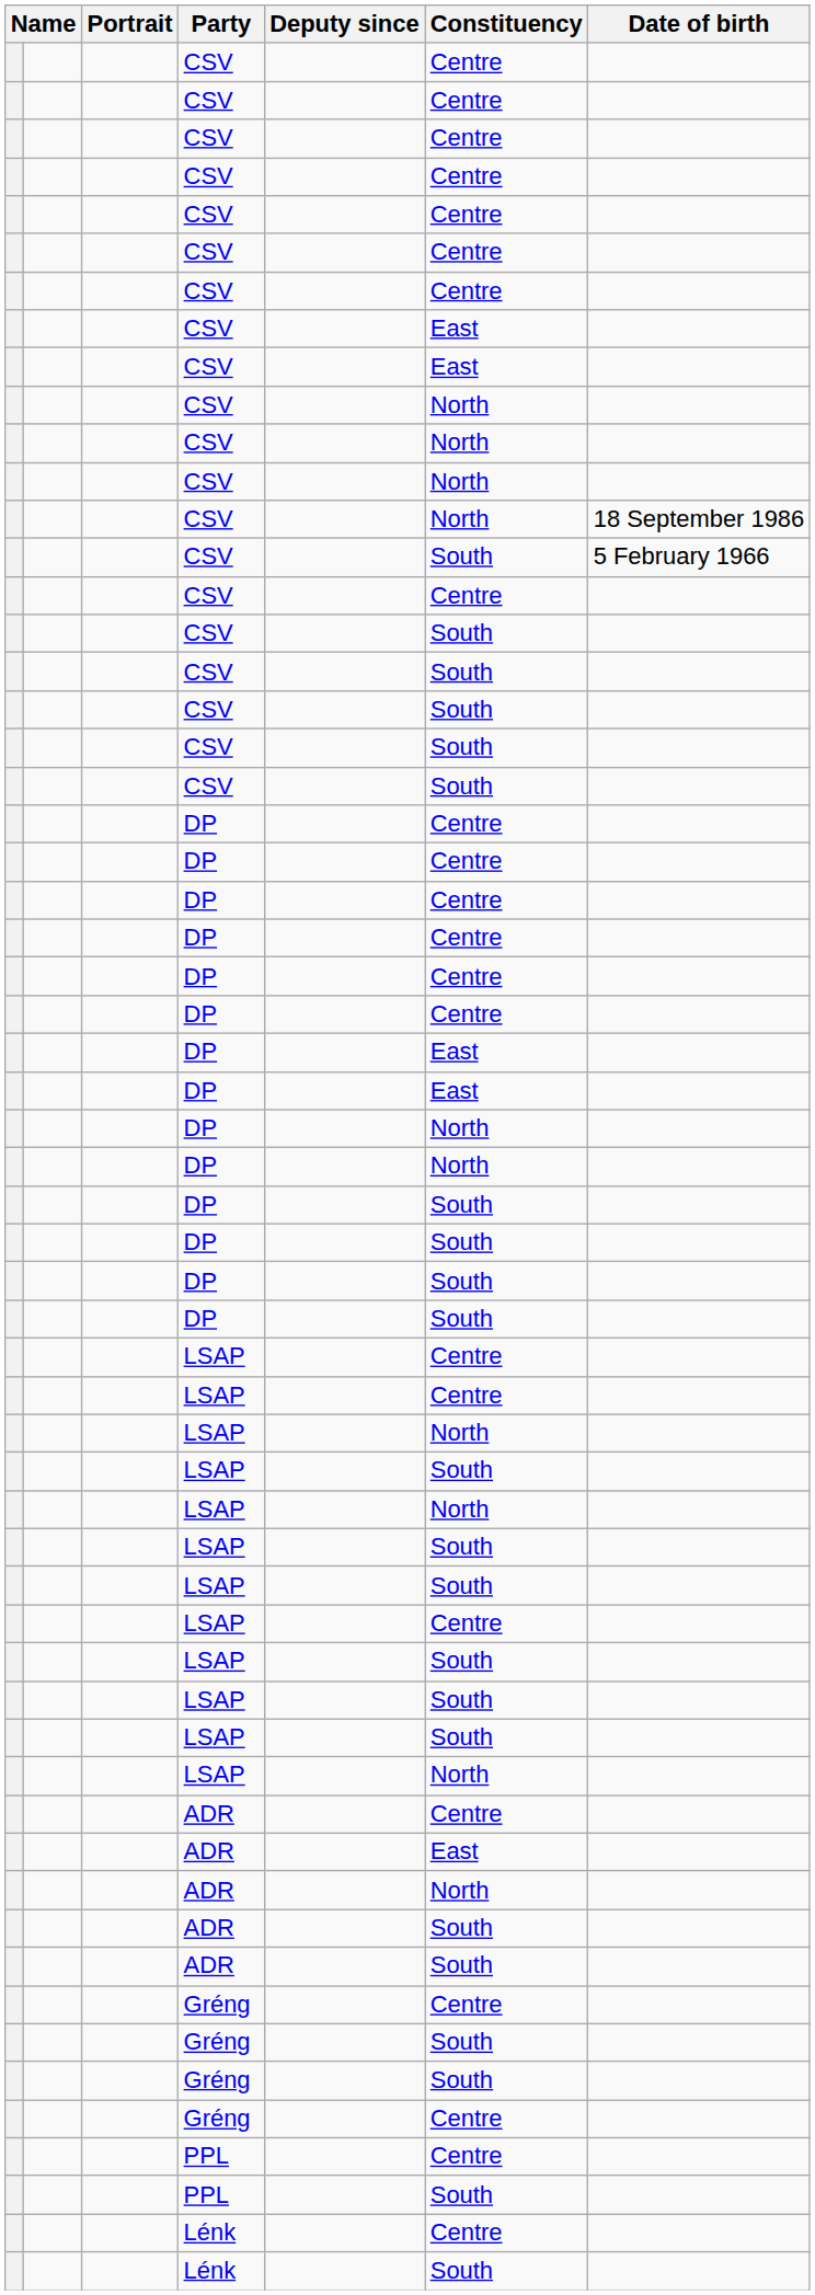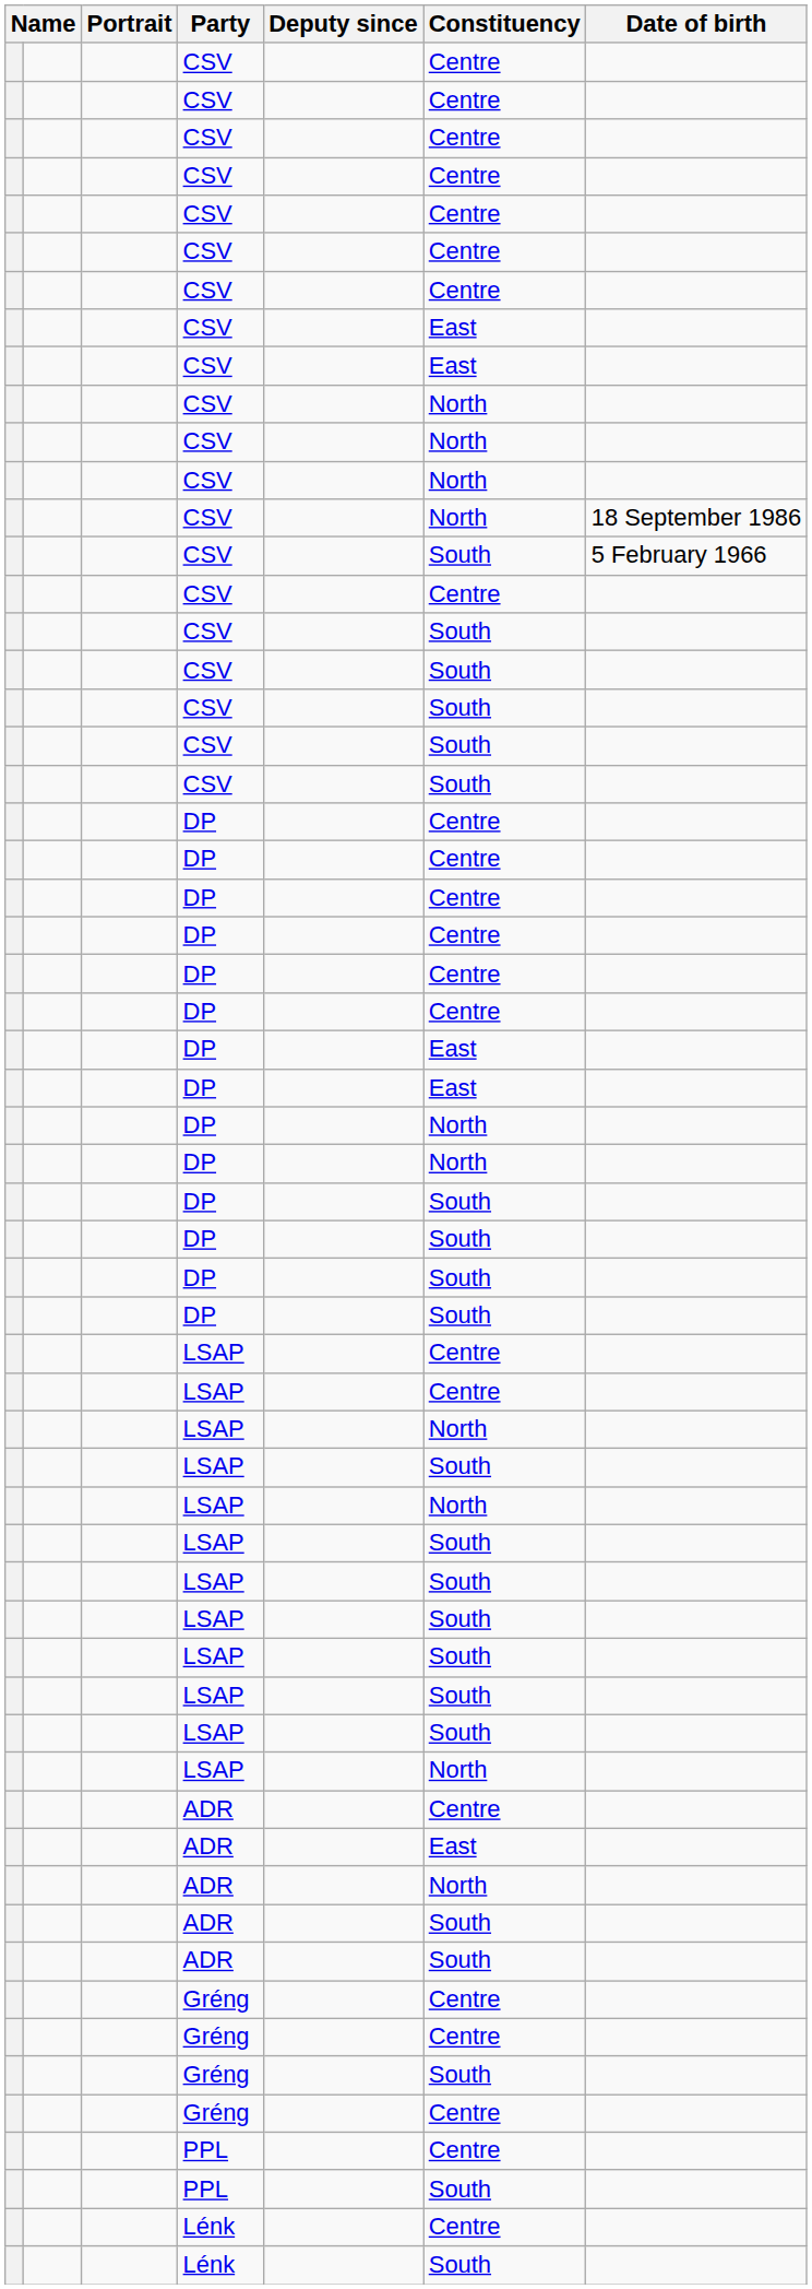 <table class="wikitable sortable">
 <tr>
 <th colspan=2 class="sortable">Name</th>
 <th scope=col class="unsortable">Portrait</th>
 <th width=50px>Party</th>
 <th>Deputy since</th>
 <th>Constituency</th>
 <th>Date of birth</th>
 </tr>
 <tr>
 <th width=5px style="background-color: "></th>
 <td valign=center></td>
 <td valign=center></td>
 <td valign=center><a href='#'>CSV</a></td>
 <td valign=center></td>
 <td valign=center><a href='#'>Centre</a></td>
 <td valign=center></td>
 </tr>
 <tr>
 <th width=5px style="background-color: "></th>
 <td valign=center></td>
 <td valign=center></td>
 <td valign=center><a href='#'>CSV</a></td>
 <td valign=center></td>
 <td valign=center><a href='#'>Centre</a></td>
 <td valign=center></td>
 </tr>
 <tr>
 <th width=5px style="background-color: "></th>
 <td valign=center></td>
 <td valign=center></td>
 <td valign=center><a href='#'>CSV</a></td>
 <td valign=center></td>
 <td valign=center><a href='#'>Centre</a></td>
 <td valign=center></td>
 </tr>
 <tr>
 <th width=5px style="background-color: "></th>
 <td valign=center></td>
 <td valign=center></td>
 <td valign=center><a href='#'>CSV</a></td>
 <td valign=center></td>
 <td valign=center><a href='#'>Centre</a></td>
 <td valign=center></td>
 </tr>
 <tr>
 <th width=5px style="background-color: "></th>
 <td valign=center></td>
 <td valign=center></td>
 <td valign=center><a href='#'>CSV</a></td>
 <td valign=center></td>
 <td valign=center><a href='#'>Centre</a></td>
 <td valign=center></td>
 </tr>
 <tr>
 <th width=5px style="background-color: "></th>
 <td valign=center></td>
 <td valign=center></td>
 <td valign=center><a href='#'>CSV</a></td>
 <td valign=center></td>
 <td valign=center><a href='#'>Centre</a></td>
 <td valign=center></td>
 </tr>
 <tr>
 <th width=5px style="background-color: "></th>
 <td valign=center></td>
 <td valign=center></td>
 <td valign=center><a href='#'>CSV</a></td>
 <td valign=center></td>
 <td valign=center><a href='#'>Centre</a></td>
 <td valign=center></td>
 </tr>
 <tr>
 <th width=5px style="background-color: "></th>
 <td valign=center></td>
 <td valign=center></td>
 <td valign=center><a href='#'>CSV</a></td>
 <td valign=center></td>
 <td valign=center><a href='#'>East</a></td>
 <td valign=center></td>
 </tr>
 <tr>
 <th width=5px style="background-color: "></th>
 <td valign=center></td>
 <td valign=center></td>
 <td valign=center><a href='#'>CSV</a></td>
 <td valign=center></td>
 <td valign=center><a href='#'>East</a></td>
 <td valign=center></td>
 </tr>
 <tr>
 <th width=5px style="background-color: "></th>
 <td valign=center></td>
 <td valign=center></td>
 <td valign=center><a href='#'>CSV</a></td>
 <td valign=center></td>
 <td valign=center><a href='#'>North</a></td>
 <td valign=center></td>
 </tr>
 <tr>
 <th width=5px style="background-color: "></th>
 <td valign=center></td>
 <td valign=center></td>
 <td valign=center><a href='#'>CSV</a></td>
 <td valign=center></td>
 <td valign=center><a href='#'>North</a></td>
 <td valign=center></td>
 </tr>
 <tr>
 <th width=5px style="background-color: "></th>
 <td valign=center></td>
 <td valign=center></td>
 <td valign=center><a href='#'>CSV</a></td>
 <td valign=center></td>
 <td valign=center><a href='#'>North</a></td>
 <td valign=center></td>
 </tr>
 <tr>
 <th width=5px style="background-color: "></th>
 <td valign=center></td>
 <td valign=center></td>
 <td valign=center><a href='#'>CSV</a></td>
 <td valign=center></td>
 <td valign=center><a href='#'>North</a></td>
 <td valign=center>18 September 1986</td>
 </tr>
 <tr>
 <th width=5px style="background-color: "></th>
 <td valign=center></td>
 <td valign=center></td>
 <td valign=center><a href='#'>CSV</a></td>
 <td valign=center></td>
 <td valign=center><a href='#'>South</a></td>
 <td valign=center>5 February 1966</td>
 </tr>
 <tr>
 <th width=5px style="background-color: "></th>
 <td valign=center></td>
 <td valign=center></td>
 <td valign=center><a href='#'>CSV</a></td>
 <td valign=center></td>
 <td valign=center><a href='#'>Centre</a></td>
 <td valign=center></td>
 </tr>
 <tr>
 <th width=5px style="background-color: "></th>
 <td valign=center></td>
 <td valign=center></td>
 <td valign=center><a href='#'>CSV</a></td>
 <td valign=center></td>
 <td valign=center><a href='#'>South</a></td>
 <td valign=center></td>
 </tr>
 <tr>
 <th width=5px style="background-color: "></th>
 <td valign=center></td>
 <td valign=center></td>
 <td valign=center><a href='#'>CSV</a></td>
 <td valign=center></td>
 <td valign=center><a href='#'>South</a></td>
 <td valign=center></td>
 </tr>
 <tr>
 <th width=5px style="background-color: "></th>
 <td valign=center></td>
 <td valign=center></td>
 <td valign=center><a href='#'>CSV</a></td>
 <td valign=center></td>
 <td valign=center><a href='#'>South</a></td>
 <td valign=center></td>
 </tr>
 <tr>
 <th width=5px style="background-color: "></th>
 <td valign=center></td>
 <td valign=center></td>
 <td valign=center><a href='#'>CSV</a></td>
 <td valign=center></td>
 <td valign=center><a href='#'>South</a></td>
 <td valign=center></td>
 </tr>
 <tr>
 <th width=5px style="background-color: "></th>
 <td valign=center></td>
 <td valign=center></td>
 <td valign=center><a href='#'>CSV</a></td>
 <td valign=center></td>
 <td valign=center><a href='#'>South</a></td>
 <td valign=center></td>
 </tr>
 <tr>
 <th width=5px style="background-color: "></th>
 <td valign=center></td>
 <td valign=center></td>
 <td valign=center><a href='#'>DP</a></td>
 <td valign=center></td>
 <td valign=center><a href='#'>Centre</a></td>
 <td valign=center></td>
 </tr>
 <tr>
 <th width=5px style="background-color: "></th>
 <td valign=center></td>
 <td valign=center></td>
 <td valign=center><a href='#'>DP</a></td>
 <td valign=center></td>
 <td valign=center><a href='#'>Centre</a></td>
 <td valign=center></td>
 </tr>
 <tr>
 <th width=5px style="background-color: "></th>
 <td valign=center></td>
 <td valign=center></td>
 <td valign=center><a href='#'>DP</a></td>
 <td valign=center></td>
 <td valign=center><a href='#'>Centre</a></td>
 <td valign=center></td>
 </tr>
 <tr>
 <th width=5px style="background-color: "></th>
 <td valign=center></td>
 <td valign=center></td>
 <td valign=center><a href='#'>DP</a></td>
 <td valign=center></td>
 <td valign=center><a href='#'>Centre</a></td>
 <td valign=center></td>
 </tr>
 <tr>
 <th width=5px style="background-color: "></th>
 <td valign=center></td>
 <td valign=center></td>
 <td valign=center><a href='#'>DP</a></td>
 <td valign=center></td>
 <td valign=center><a href='#'>Centre</a></td>
 <td valign=center></td>
 </tr>
 <tr>
 <th width=5px style="background-color: "></th>
 <td valign=center></td>
 <td valign=center></td>
 <td valign=center><a href='#'>DP</a></td>
 <td valign=center></td>
 <td valign=center><a href='#'>Centre</a></td>
 <td valign=center></td>
 </tr>
 <tr>
 <th width=5px style="background-color: "></th>
 <td valign=center></td>
 <td valign=center></td>
 <td valign=center><a href='#'>DP</a></td>
 <td valign=center></td>
 <td valign=center><a href='#'>East</a></td>
 <td valign=center></td>
 </tr>
 <tr>
 <th width=5px style="background-color: "></th>
 <td valign=center></td>
 <td valign=center></td>
 <td valign=center><a href='#'>DP</a></td>
 <td valign=center></td>
 <td valign=center><a href='#'>East</a></td>
 <td valign=center></td>
 </tr>
 <tr>
 <th width=5px style="background-color: "></th>
 <td valign=center></td>
 <td valign=center></td>
 <td valign=center><a href='#'>DP</a></td>
 <td valign=center></td>
 <td valign=center><a href='#'>North</a></td>
 <td valign=center></td>
 </tr>
 <tr>
 <th width=5px style="background-color: "></th>
 <td valign=center></td>
 <td valign=center></td>
 <td valign=center><a href='#'>DP</a></td>
 <td valign=center></td>
 <td valign=center><a href='#'>North</a></td>
 <td valign=center></td>
 </tr>
 <tr>
 <th width=5px style="background-color: "></th>
 <td valign=center></td>
 <td valign=center></td>
 <td valign=center><a href='#'>DP</a></td>
 <td valign=center></td>
 <td valign=center><a href='#'>South</a></td>
 <td valign=center></td>
 </tr>
 <tr>
 <th width=5px style="background-color: "></th>
 <td valign=center></td>
 <td valign=center></td>
 <td valign=center><a href='#'>DP</a></td>
 <td valign=center></td>
 <td valign=center><a href='#'>South</a></td>
 <td valign=center></td>
 </tr>
 <tr>
 <th width=5px style="background-color: "></th>
 <td valign=center></td>
 <td valign=center></td>
 <td valign=center><a href='#'>DP</a></td>
 <td valign=center></td>
 <td valign=center><a href='#'>South</a></td>
 <td valign=center></td>
 </tr>
 <tr>
 <th width=5px style="background-color: "></th>
 <td valign=center></td>
 <td valign=center></td>
 <td valign=center><a href='#'>DP</a></td>
 <td valign=center></td>
 <td valign=center><a href='#'>South</a></td>
 <td valign=center></td>
 </tr>
 <tr>
 <th width=5px style="background-color: "></th>
 <td valign=center></td>
 <td valign=center></td>
 <td valign=center><a href='#'>LSAP</a></td>
 <td valign=center></td>
 <td valign=center><a href='#'>Centre</a></td>
 <td valign=center></td>
 </tr>
 <tr>
 <th width=5px style="background-color: "></th>
 <td valign=center></td>
 <td valign=center></td>
 <td valign=center><a href='#'>LSAP</a></td>
 <td valign=center></td>
 <td valign=center><a href='#'>Centre</a></td>
 <td valign=center></td>
 </tr>
 <tr>
 <th width=5px style="background-color: "></th>
 <td valign=center></td>
 <td valign=center></td>
 <td valign=center><a href='#'>LSAP</a></td>
 <td valign=center></td>
 <td valign=center><a href='#'>North</a></td>
 <td valign=center></td>
 </tr>
 <tr>
 <th width=5px style="background-color: "></th>
 <td valign=center></td>
 <td valign=center></td>
 <td valign=center><a href='#'>LSAP</a></td>
 <td valign=center></td>
 <td valign=center><a href='#'>South</a></td>
 <td valign=center></td>
 </tr>
 <tr>
 <th width=5px style="background-color: "></th>
 <td valign=center></td>
 <td valign=center></td>
 <td valign=center><a href='#'>LSAP</a></td>
 <td valign=center></td>
 <td valign=center><a href='#'>North</a></td>
 <td valign=center></td>
 </tr>
 <tr>
 <th width=5px style="background-color: "></th>
 <td valign=center></td>
 <td valign=center></td>
 <td valign=center><a href='#'>LSAP</a></td>
 <td valign=center></td>
 <td valign=center><a href='#'>South</a></td>
 <td valign=center></td>
 </tr>
 <tr>
 <th width=5px style="background-color: "></th>
 <td valign=center></td>
 <td valign=center></td>
 <td valign=center><a href='#'>LSAP</a></td>
 <td valign=center></td>
 <td valign=center><a href='#'>South</a></td>
 <td valign=center></td>
 </tr>
 <tr>
 <th width=5px style="background-color: "></th>
 <td valign=center></td>
 <td valign=center></td>
 <td valign=center><a href='#'>LSAP</a></td>
 <td valign=center></td>
-<td valign=center><a href='#'>Centre</a></td>
+<td valign=center><a href='#'>South</a></td>
 <td valign=center></td>
 </tr>
 <tr>
 <th width=5px style="background-color: "></th>
 <td valign=center></td>
 <td valign=center></td>
 <td valign=center><a href='#'>LSAP</a></td>
 <td valign=center></td>
 <td valign=center><a href='#'>South</a></td>
 <td valign=center></td>
 </tr>
 <tr>
 <th width=5px style="background-color: "></th>
 <td valign=center></td>
 <td valign=center></td>
 <td valign=center><a href='#'>LSAP</a></td>
 <td valign=center></td>
 <td valign=center><a href='#'>South</a></td>
 <td valign=center></td>
 </tr>
 <tr>
 <th width=5px style="background-color: "></th>
 <td valign=center></td>
 <td valign=center></td>
 <td valign=center><a href='#'>LSAP</a></td>
 <td valign=center></td>
 <td valign=center><a href='#'>South</a></td>
 <td valign=center></td>
 </tr>
 <tr>
 <th width=5px style="background-color: "></th>
 <td valign=center></td>
 <td valign=center></td>
 <td valign=center><a href='#'>LSAP</a></td>
 <td valign=center></td>
 <td valign=center><a href='#'>North</a></td>
 <td valign=center></td>
 </tr>
 <tr>
 <th width=5px style="background-color: "></th>
 <td valign=center></td>
 <td valign=center></td>
 <td valign=center><a href='#'>ADR</a></td>
 <td valign=center></td>
 <td valign=center><a href='#'>Centre</a></td>
 <td valign=center></td>
 </tr>
 <tr>
 <th width=5px style="background-color: "></th>
 <td valign=center></td>
 <td valign=center></td>
 <td valign=center><a href='#'>ADR</a></td>
 <td valign=center></td>
 <td valign=center><a href='#'>East</a></td>
 <td valign=center></td>
 </tr>
 <tr>
 <th width=5px style="background-color: "></th>
 <td valign=center></td>
 <td valign=center></td>
 <td valign=center><a href='#'>ADR</a></td>
 <td valign=center></td>
 <td valign=center><a href='#'>North</a></td>
 <td valign=center></td>
 </tr>
 <tr>
 <th width=5px style="background-color: "></th>
 <td valign=center></td>
 <td valign=center></td>
 <td valign=center><a href='#'>ADR</a></td>
 <td valign=center></td>
 <td valign=center><a href='#'>South</a></td>
 <td valign=center></td>
 </tr>
 <tr>
 <th width=5px style="background-color: "></th>
 <td valign=center></td>
 <td valign=center></td>
 <td valign=center><a href='#'>ADR</a></td>
 <td valign=center></td>
 <td valign=center><a href='#'>South</a></td>
 <td valign=center></td>
 </tr>
 <tr>
 <th width=5px style="background-color: "></th>
 <td valign=center></td>
 <td valign=center></td>
 <td valign=center><a href='#'>Gréng</a></td>
 <td valign=center></td>
 <td valign=center><a href='#'>Centre</a></td>
 <td valign=center></td>
 </tr>
 <tr>
 <th width=5px style="background-color: "></th>
 <td valign=center></td>
 <td valign=center></td>
 <td valign=center><a href='#'>Gréng</a></td>
 <td valign=center></td>
-<td valign=center><a href='#'>South</a></td>
+<td valign=center><a href='#'>Centre</a></td>
 <td valign=center></td>
 </tr>
 <tr>
 <th width=5px style="background-color: "></th>
 <td valign=center></td>
 <td valign=center></td>
 <td valign=center><a href='#'>Gréng</a></td>
 <td valign=center></td>
 <td valign=center><a href='#'>South</a></td>
 <td valign=center></td>
 </tr>
 <tr>
 <th width=5px style="background-color: "></th>
 <td valign=center></td>
 <td valign=center></td>
 <td valign=center><a href='#'>Gréng</a></td>
 <td valign=center></td>
 <td valign=center><a href='#'>Centre</a></td>
 <td valign=center></td>
 </tr>
 <tr>
 <th width=5px style="background-color: "></th>
 <td valign=center></td>
 <td valign=center></td>
 <td valign=center><a href='#'>PPL</a></td>
 <td valign=center></td>
 <td valign=center><a href='#'>Centre</a></td>
 <td valign=center></td>
 </tr>
 <tr>
 <th width=5px style="background-color: "></th>
 <td valign=center></td>
 <td valign=center></td>
 <td valign=center><a href='#'>PPL</a></td>
 <td valign=center></td>
 <td valign=center><a href='#'>South</a></td>
 <td valign=center></td>
 </tr>
 <tr>
 <th width=5px style="background-color: "></th>
 <td valign=center></td>
 <td valign=center></td>
 <td valign=center><a href='#'>Lénk</a></td>
 <td valign=center></td>
 <td valign=center><a href='#'>Centre</a></td>
 <td valign=center></td>
 </tr>
 <tr>
 <th width=5px style="background-color: "></th>
 <td valign=center></td>
 <td valign=center></td>
 <td valign=center><a href='#'>Lénk</a></td>
 <td valign=center></td>
 <td valign=center><a href='#'>South</a></td>
 <td valign=center></td>
 </tr>
 </table>
